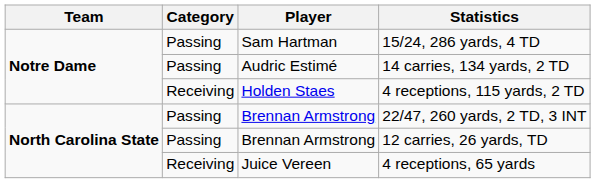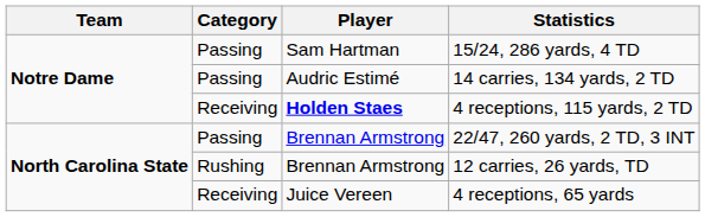 <table class="wikitable" style="float: right;">
 <tr>
 <th>Team</th>
 <th>Category</th>
 <th>Player</th>
 <th>Statistics</th>
 </tr>
 <tr>
 <td rowspan=3><strong>Notre Dame</strong></td>
 <td>Passing</td>
 <td>Sam Hartman</td>
 <td>15/24, 286 yards, 4 TD</td>
 </tr>
 <tr>
 <td>Passing</td>
 <td>Audric Estimé</td>
 <td>14 carries, 134 yards, 2 TD</td>
 </tr>
 <tr>
 <td>Receiving</td>
-<td><a href='#'>Holden Staes</a></td>
+<td><strong><a href='#'>Holden Staes</a></strong></td>
 <td>4 receptions, 115 yards, 2 TD</td>
 </tr>
 <tr>
 <td rowspan=3><strong>North Carolina State</strong></td>
 <td>Passing</td>
 <td><a href='#'>Brennan Armstrong</a></td>
 <td>22/47, 260 yards, 2 TD, 3 INT</td>
 </tr>
 <tr>
-<td>Passing</td>
+<td>Rushing</td>
 <td>Brennan Armstrong</td>
 <td>12 carries, 26 yards, TD</td>
 </tr>
 <tr>
 <td>Receiving</td>
 <td>Juice Vereen</td>
 <td>4 receptions, 65 yards</td>
 </tr>
 </table>
